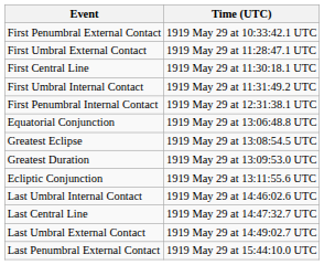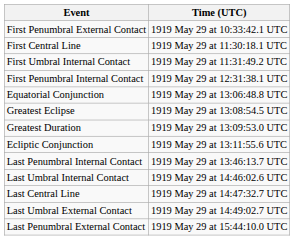 <table class="wikitable">
 <tr>
 <th>Event</th>
 <th>Time (UTC)</th>
 </tr>
 <tr>
 <td>First Penumbral External Contact</td>
 <td>1919 May 29 at 10:33:42.1 UTC</td>
-</tr>
-<tr>
-<td>First Umbral External Contact</td>
-<td>1919 May 29 at 11:28:47.1 UTC</td>
 </tr>
 <tr>
 <td>First Central Line</td>
 <td>1919 May 29 at 11:30:18.1 UTC</td>
 </tr>
 <tr>
 <td>First Umbral Internal Contact</td>
 <td>1919 May 29 at 11:31:49.2 UTC</td>
 </tr>
 <tr>
 <td>First Penumbral Internal Contact</td>
 <td>1919 May 29 at 12:31:38.1 UTC</td>
 </tr>
 <tr>
 <td>Equatorial Conjunction</td>
 <td>1919 May 29 at 13:06:48.8 UTC</td>
 </tr>
 <tr>
 <td>Greatest Eclipse</td>
 <td>1919 May 29 at 13:08:54.5 UTC</td>
 </tr>
 <tr>
 <td>Greatest Duration</td>
 <td>1919 May 29 at 13:09:53.0 UTC</td>
 </tr>
 <tr>
 <td>Ecliptic Conjunction</td>
 <td>1919 May 29 at 13:11:55.6 UTC</td>
 </tr>
 <tr>
+<td>Last Penumbral Internal Contact</td>
+<td>1919 May 29 at 13:46:13.7 UTC</td>
+</tr>
+<tr>
 <td>Last Umbral Internal Contact</td>
 <td>1919 May 29 at 14:46:02.6 UTC</td>
 </tr>
 <tr>
 <td>Last Central Line</td>
 <td>1919 May 29 at 14:47:32.7 UTC</td>
 </tr>
 <tr>
 <td>Last Umbral External Contact</td>
 <td>1919 May 29 at 14:49:02.7 UTC</td>
 </tr>
 <tr>
 <td>Last Penumbral External Contact</td>
 <td>1919 May 29 at 15:44:10.0 UTC</td>
 </tr>
 </table>
